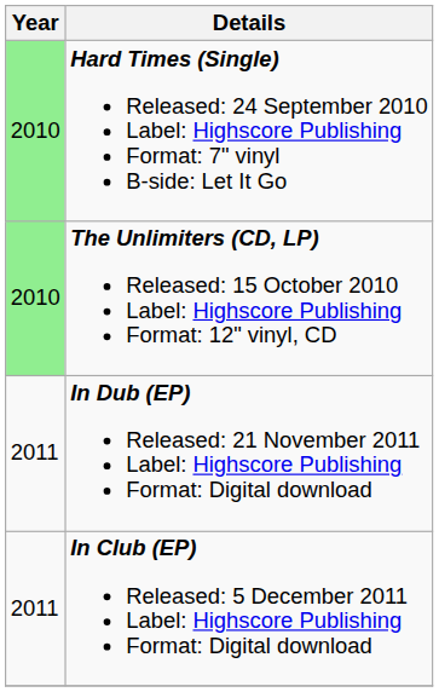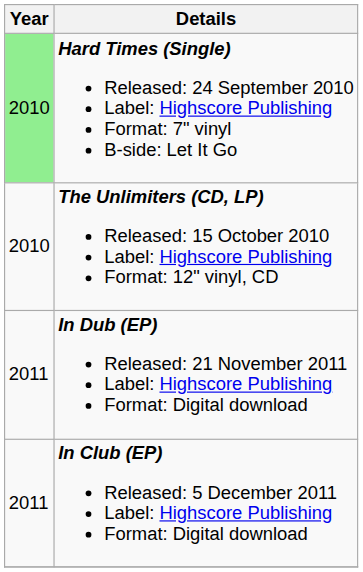 <table class="wikitable">
 <tr>
 <th>Year</th>
 <th>Details</th>
 </tr>
 <tr>
 <td style="background: lightgreen;">2010</td>
 <td><strong><em>Hard Times (Single)</em></strong><br><ul><li>Released: 24 September 2010</li><li>Label: <a href='#'>Highscore Publishing</a></li><li>Format: 7" vinyl</li><li>B-side: Let It Go</li></ul></td>
 </tr>
 <tr>
-<td style="background: lightgreen;">2010</td>
+<td>2010</td>
 <td><strong><em>The Unlimiters (CD, LP)</em></strong><br><ul><li>Released: 15 October 2010</li><li>Label: <a href='#'>Highscore Publishing</a></li><li>Format: 12" vinyl, CD</li></ul></td>
 </tr>
 <tr>
 <td>2011</td>
 <td><strong><em>In Dub (EP)</em></strong><br><ul><li>Released: 21 November 2011</li><li>Label: <a href='#'>Highscore Publishing</a></li><li>Format: Digital download</li></ul></td>
 </tr>
 <tr>
 <td>2011</td>
 <td><strong><em>In Club (EP)</em></strong><br><ul><li>Released: 5 December 2011</li><li>Label: <a href='#'>Highscore Publishing</a></li><li>Format: Digital download</li></ul></td>
 </tr>
 <tr>
 </tr>
 </table>
